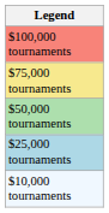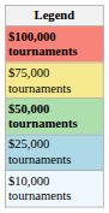 <table class="wikitable" style="font-size:85%;" width=12%>
 <tr>
 <th>Legend</th>
 </tr>
 <tr style="background:#f88379;">
-<td>$100,000 tournaments</td>
+<td><strong>$100,000 tournaments</strong></td>
 </tr>
 <tr style="background:#f7e98e;">
 <td>$75,000 tournaments</td>
 </tr>
 <tr style="background:#addfad;">
-<td>$50,000 tournaments</td>
+<td><strong>$50,000 tournaments</strong></td>
 </tr>
 <tr style="background:lightblue;">
 <td>$25,000 tournaments</td>
 </tr>
 <tr style="background:#f0f8ff;">
 <td>$10,000 tournaments</td>
 </tr>
 </table>
